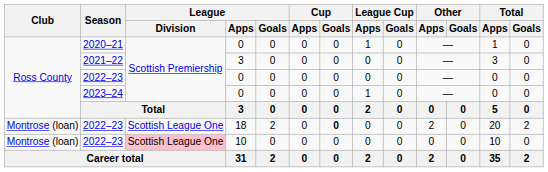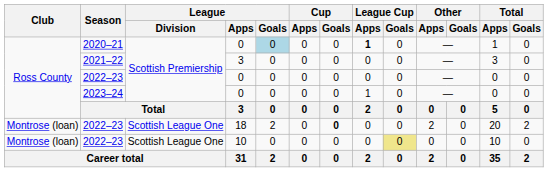 <table class="wikitable" style="text-align: center;">
 <tr>
 <th rowspan="2">Club</th>
 <th rowspan="2">Season</th>
 <th colspan="3">League</th>
 <th colspan="2">Cup</th>
 <th colspan="2">League Cup</th>
 <th colspan="2">Other</th>
 <th colspan="2">Total</th>
 </tr>
 <tr>
 <th>Division</th>
 <th>Apps</th>
 <th>Goals</th>
 <th>Apps</th>
 <th>Goals</th>
 <th>Apps</th>
 <th>Goals</th>
 <th>Apps</th>
 <th>Goals</th>
 <th>Apps</th>
 <th>Goals</th>
 </tr>
 <tr>
 <td rowspan=5><a href='#'>Ross County</a></td>
 <td><a href='#'>2020–21</a></td>
 <td rowspan=4><a href='#'>Scottish Premiership</a></td>
 <td>0</td>
+<td style="background: lightblue;">0</td>
 <td>0</td>
 <td>0</td>
-<td>0</td>
-<td>1</td>
+<td><strong>1</strong></td>
 <td>0</td>
 <td colspan="2">—</td>
 <td>1</td>
 <td>0</td>
 </tr>
 <tr>
 <td><a href='#'>2021–22</a></td>
 <td>3</td>
 <td>0</td>
 <td>0</td>
 <td>0</td>
 <td>0</td>
 <td>0</td>
 <td colspan="2">—</td>
 <td>3</td>
 <td>0</td>
 </tr>
 <tr>
 <td><a href='#'>2022–23</a></td>
 <td>0</td>
 <td>0</td>
 <td>0</td>
 <td>0</td>
 <td>0</td>
 <td>0</td>
 <td colspan="2">—</td>
 <td>0</td>
 <td>0</td>
 </tr>
 <tr>
 <td><a href='#'>2023–24</a></td>
 <td>0</td>
 <td>0</td>
 <td>0</td>
 <td>0</td>
 <td>1</td>
 <td>0</td>
 <td colspan="2">—</td>
 <td>0</td>
 <td>0</td>
 </tr>
 <tr>
 <th colspan=2>Total</th>
 <th>3</th>
 <th>0</th>
 <th>0</th>
 <th>0</th>
 <th>2</th>
 <th>0</th>
 <th>0</th>
 <th>0</th>
 <th>5</th>
 <th>0</th>
 </tr>
 <tr>
 <td><a href='#'>Montrose</a> (loan)</td>
 <td><a href='#'>2022–23</a></td>
 <td><a href='#'>Scottish League One</a></td>
 <td>18</td>
 <td>2</td>
 <td>0</td>
 <td><strong>0</strong></td>
 <td>0</td>
 <td>0</td>
 <td>2</td>
 <td>0</td>
 <td>20</td>
 <td>2</td>
 </tr>
 <tr>
 <td><a href='#'>Montrose</a> (loan)</td>
 <td><a href='#'>2022–23</a></td>
-<td style="background: pink;">Scottish League One</td>
+<td>Scottish League One</td>
 <td>10</td>
 <td>0</td>
 <td>0</td>
 <td>0</td>
 <td>0</td>
-<td>0</td>
+<td style="background: khaki;">0</td>
 <td>0</td>
 <td>0</td>
 <td>10</td>
 <td>0</td>
 </tr>
 <tr>
 <th colspan=3>Career total</th>
 <th>31</th>
 <th>2</th>
 <th>0</th>
 <th>0</th>
 <th>2</th>
 <th>0</th>
 <th>2</th>
 <th>0</th>
 <th>35</th>
 <th>2</th>
 </tr>
 </table>
